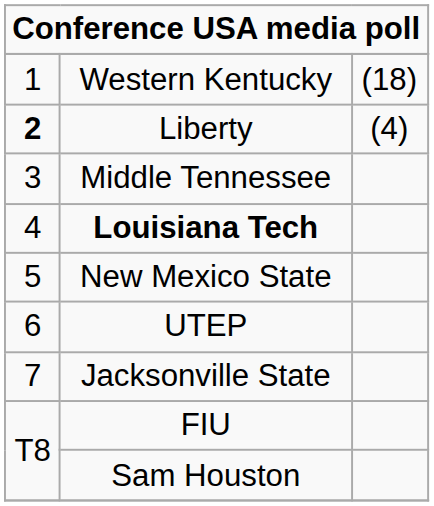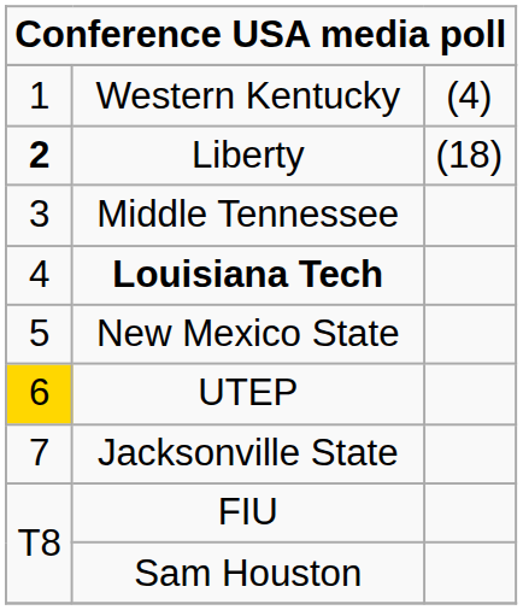 <table class="wikitable" style="display: inline-table;">
 <tr>
 <td align="center" Colspan="3"><strong>Conference USA media poll</strong></td>
 </tr>
 <tr align="center">
 </tr>
 <tr align="center">
 <td>1</td>
 <td>Western Kentucky</td>
-<td>(18)</td>
+<td>(4)</td>
 </tr>
 <tr align="center">
 <td><strong>2</strong></td>
 <td>Liberty</td>
-<td>(4)</td>
+<td>(18)</td>
 </tr>
 <tr align="center">
 <td>3</td>
 <td>Middle Tennessee</td>
 <td></td>
 </tr>
 <tr align="center">
 <td>4</td>
 <td><strong>Louisiana Tech</strong></td>
 <td></td>
 </tr>
 <tr align="center">
 <td>5</td>
 <td>New Mexico State</td>
 <td></td>
 </tr>
 <tr align="center">
-<td>6</td>
+<td style="background: gold;">6</td>
 <td>UTEP</td>
 <td></td>
 </tr>
 <tr align="center">
 <td>7</td>
 <td>Jacksonville State</td>
 <td></td>
 </tr>
 <tr align="center">
 <td rowspan=2>T8</td>
 <td>FIU</td>
 <td></td>
 </tr>
 <tr align="center">
 <td>Sam Houston</td>
 <td></td>
 </tr>
 <tr>
 </tr>
 </table>
